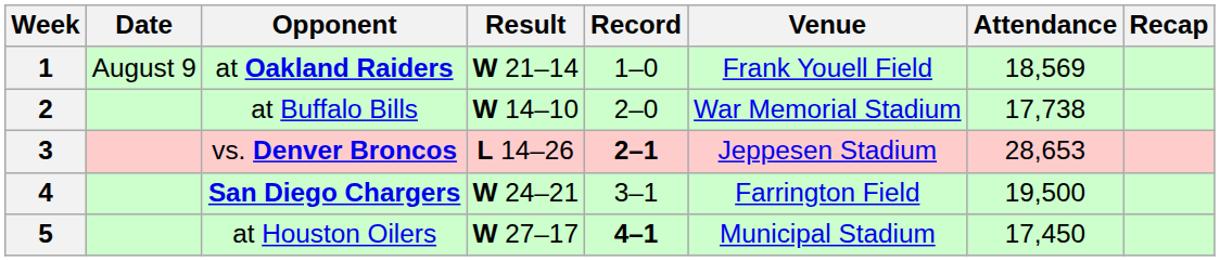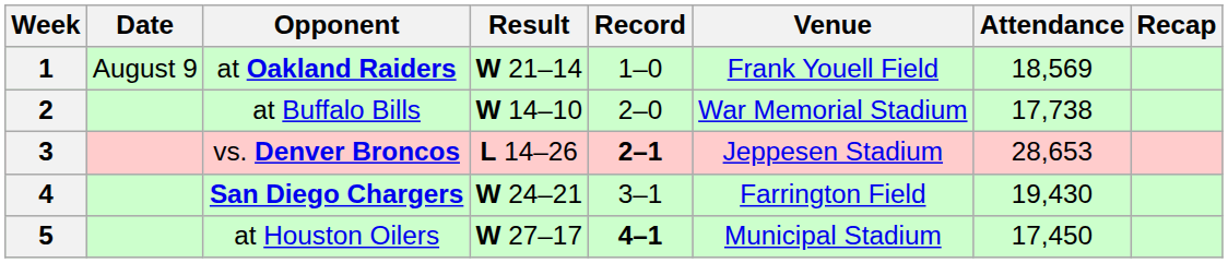 <table class="wikitable" style="text-align:center">
 <tr>
 <th>Week</th>
 <th>Date</th>
 <th>Opponent</th>
 <th>Result</th>
 <th>Record</th>
 <th>Venue</th>
 <th>Attendance</th>
 <th>Recap</th>
 </tr>
 <tr style="background:#cfc">
 <th>1</th>
 <td>August 9</td>
 <td>at <strong><a href='#'>Oakland Raiders</a></strong></td>
 <td><strong>W</strong> 21–14</td>
 <td>1–0</td>
 <td><a href='#'>Frank Youell Field</a></td>
 <td>18,569</td>
 <td></td>
 </tr>
 <tr style="background:#cfc">
 <th>2</th>
 <td></td>
 <td>at <a href='#'>Buffalo Bills</a></td>
 <td><strong>W</strong> 14–10</td>
 <td>2–0</td>
 <td><a href='#'>War Memorial Stadium</a></td>
 <td>17,738</td>
 <td></td>
 </tr>
 <tr style="background:#fcc">
 <th>3</th>
 <td></td>
 <td>vs. <strong><a href='#'>Denver Broncos</a></strong></td>
 <td><strong>L</strong> 14–26</td>
 <td><strong>2–1</strong></td>
 <td><a href='#'>Jeppesen Stadium</a></td>
 <td>28,653</td>
 <td></td>
 </tr>
 <tr style="background:#cfc">
 <th>4</th>
 <td></td>
 <td><strong><a href='#'>San Diego Chargers</a></strong></td>
 <td><strong>W</strong> 24–21</td>
 <td>3–1</td>
 <td><a href='#'>Farrington Field</a> </td>
-<td>19,500</td>
+<td>19,430</td>
 <td></td>
 </tr>
 <tr style="background:#cfc">
 <th>5</th>
 <td></td>
 <td>at <a href='#'>Houston Oilers</a></td>
 <td><strong>W</strong> 27–17</td>
 <td><strong>4–1</strong></td>
 <td><a href='#'>Municipal Stadium</a></td>
 <td>17,450</td>
 <td></td>
 </tr>
 </table>
